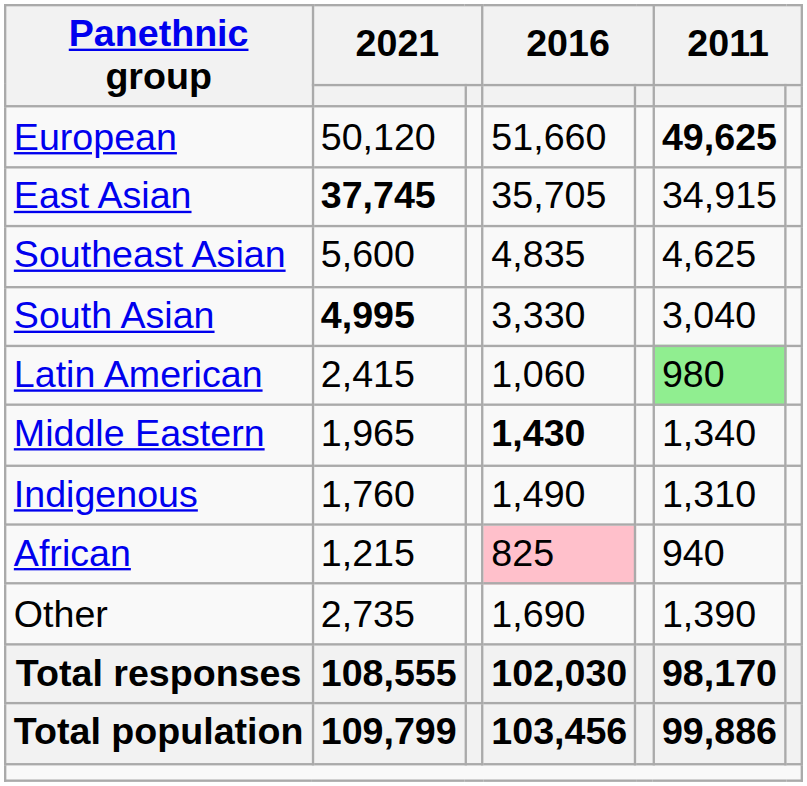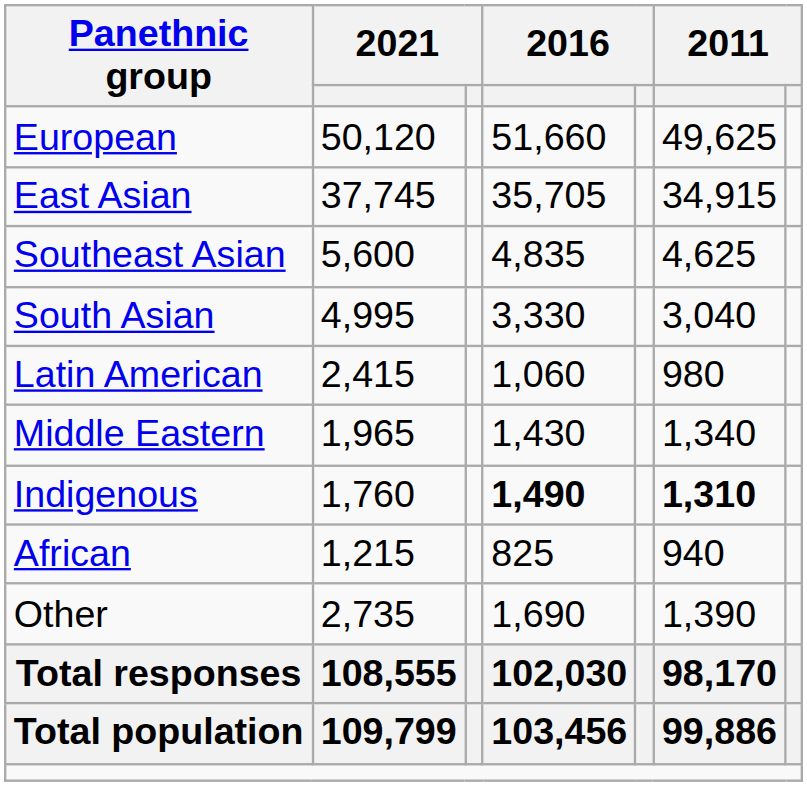 <table class="wikitable collapsible sortable">
 <tr>
 <th rowspan="2"><a href='#'>Panethnic</a><br>group</th>
 <th colspan="2">2021</th>
 <th colspan="2">2016</th>
 <th colspan="2">2011</th>
 </tr>
 <tr>
 <th><a href='#'></a></th>
 <th></th>
 <th></th>
 <th></th>
 <th></th>
 <th></th>
 </tr>
 <tr>
 <td><a href='#'>European</a></td>
 <td>50,120</td>
 <td></td>
 <td>51,660</td>
 <td></td>
-<td><strong>49,625</strong></td>
+<td>49,625</td>
 <td></td>
 </tr>
 <tr>
 <td><a href='#'>East Asian</a></td>
-<td><strong>37,745</strong></td>
+<td>37,745</td>
 <td></td>
 <td>35,705</td>
 <td></td>
 <td>34,915</td>
 <td></td>
 </tr>
 <tr>
 <td><a href='#'>Southeast Asian</a></td>
 <td>5,600</td>
 <td></td>
 <td>4,835</td>
 <td></td>
 <td>4,625</td>
 <td></td>
 </tr>
 <tr>
 <td><a href='#'>South Asian</a></td>
-<td><strong>4,995</strong></td>
+<td>4,995</td>
 <td></td>
 <td>3,330</td>
 <td></td>
 <td>3,040</td>
 <td></td>
 </tr>
 <tr>
 <td><a href='#'>Latin American</a></td>
 <td>2,415</td>
 <td></td>
 <td>1,060</td>
 <td></td>
-<td style="background: lightgreen;">980</td>
+<td>980</td>
 <td></td>
 </tr>
 <tr>
 <td><a href='#'>Middle Eastern</a></td>
 <td>1,965</td>
 <td></td>
-<td><strong>1,430</strong></td>
+<td>1,430</td>
 <td></td>
 <td>1,340</td>
 <td></td>
 </tr>
 <tr>
 <td><a href='#'>Indigenous</a></td>
 <td>1,760</td>
 <td></td>
-<td>1,490</td>
+<td><strong>1,490</strong></td>
 <td></td>
-<td>1,310</td>
+<td><strong>1,310</strong></td>
 <td></td>
 </tr>
 <tr>
 <td><a href='#'>African</a></td>
 <td>1,215</td>
 <td></td>
-<td style="background: pink;">825</td>
+<td>825</td>
 <td></td>
 <td>940</td>
 <td></td>
 </tr>
 <tr>
 <td>Other</td>
 <td>2,735</td>
 <td></td>
 <td>1,690</td>
 <td></td>
 <td>1,390</td>
 <td></td>
 </tr>
 <tr>
 <th>Total responses</th>
 <th>108,555</th>
 <th></th>
 <th>102,030</th>
 <th></th>
 <th>98,170</th>
 <th></th>
 </tr>
 <tr>
 <th>Total population</th>
 <th>109,799</th>
 <th></th>
 <th>103,456</th>
 <th></th>
 <th>99,886</th>
 <th></th>
 </tr>
 <tr class="sortbottom">
 <td colspan="15"></td>
 </tr>
 </table>
